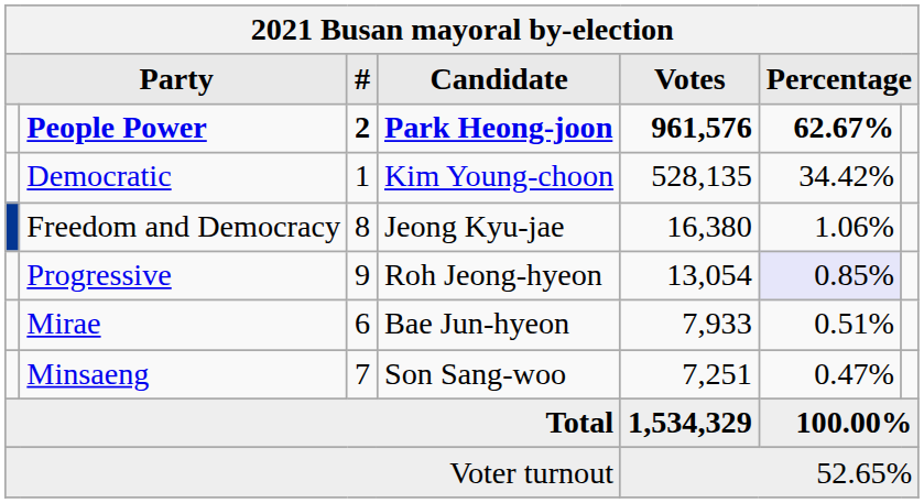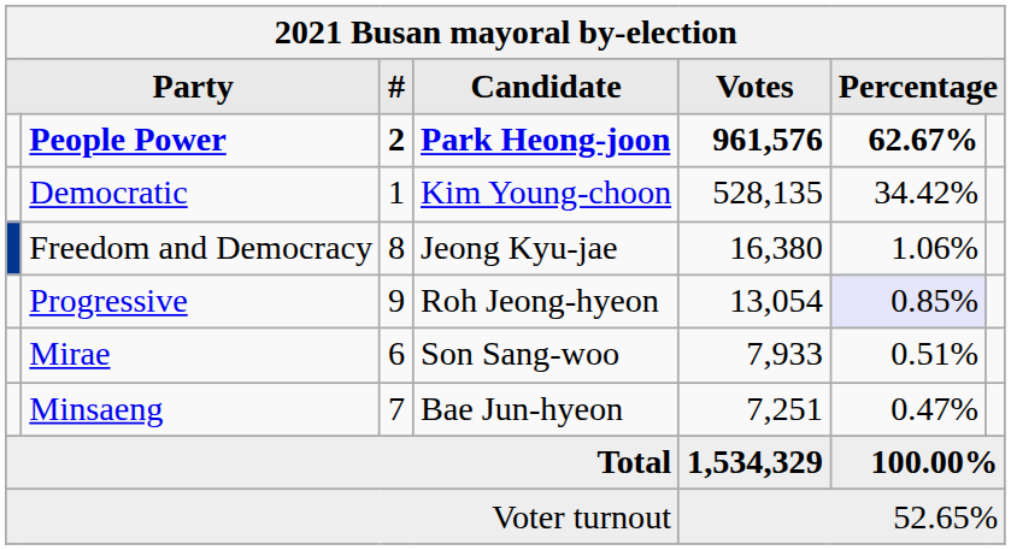 <table class="wikitable">
 <tr>
 <th colspan="7">2021 Busan mayoral by-election</th>
 </tr>
 <tr>
 <th style="background-color:#E9E9E9" colspan=2>Party</th>
 <th style="background-color:#E9E9E9">#</th>
 <th style="background-color:#E9E9E9">Candidate</th>
 <th style="background-color:#E9E9E9">Votes</th>
 <th style="background-color:#E9E9E9" colspan=2>Percentage</th>
 </tr>
 <tr style="font-weight:bold">
 <td></td>
 <td align=left><a href='#'>People Power</a></td>
 <td align=center>2</td>
 <td align=left><a href='#'>Park Heong-joon</a></td>
 <td align=right>961,576</td>
 <td align=right>62.67%</td>
 <td align=right></td>
 </tr>
 <tr>
 <td></td>
 <td align=left><a href='#'>Democratic</a></td>
 <td align=center>1</td>
 <td align=left><a href='#'>Kim Young-choon</a></td>
 <td align=right>528,135</td>
 <td align=right>34.42%</td>
 <td align=right></td>
 </tr>
 <tr>
 <td bgcolor="#033692"></td>
 <td align=left>Freedom and Democracy</td>
 <td align=center>8</td>
 <td align=left>Jeong Kyu-jae</td>
 <td align=right>16,380</td>
 <td align=right>1.06%</td>
 <td align=right></td>
 </tr>
 <tr>
 <td></td>
 <td align=left><a href='#'>Progressive</a></td>
 <td align=center>9</td>
 <td align=left>Roh Jeong-hyeon</td>
 <td align=right>13,054</td>
 <td align=right style="background: lavender;">0.85%</td>
 <td align=right></td>
 </tr>
 <tr>
 <td></td>
 <td align=left><a href='#'>Mirae</a></td>
 <td align=center>6</td>
-<td align=left>Bae Jun-hyeon</td>
+<td align=left>Son Sang-woo</td>
 <td align=right>7,933</td>
 <td align=right>0.51%</td>
 <td align=right></td>
 </tr>
 <tr>
 <td></td>
 <td align=left><a href='#'>Minsaeng</a></td>
 <td align=center>7</td>
-<td align=left>Son Sang-woo</td>
+<td align=left>Bae Jun-hyeon</td>
 <td align=right>7,251</td>
 <td align=right>0.47%</td>
 <td align=right></td>
 </tr>
 <tr bgcolor="#EEEEEE" style="font-weight:bold">
 <td colspan="4" align=right>Total</td>
 <td align=right>1,534,329</td>
 <td align=right colspan=2>100.00%</td>
 </tr>
 <tr bgcolor="#EEEEEE">
 <td colspan="4" align="right">Voter turnout</td>
 <td colspan="3" align="right">52.65%</td>
 </tr>
 </table>
